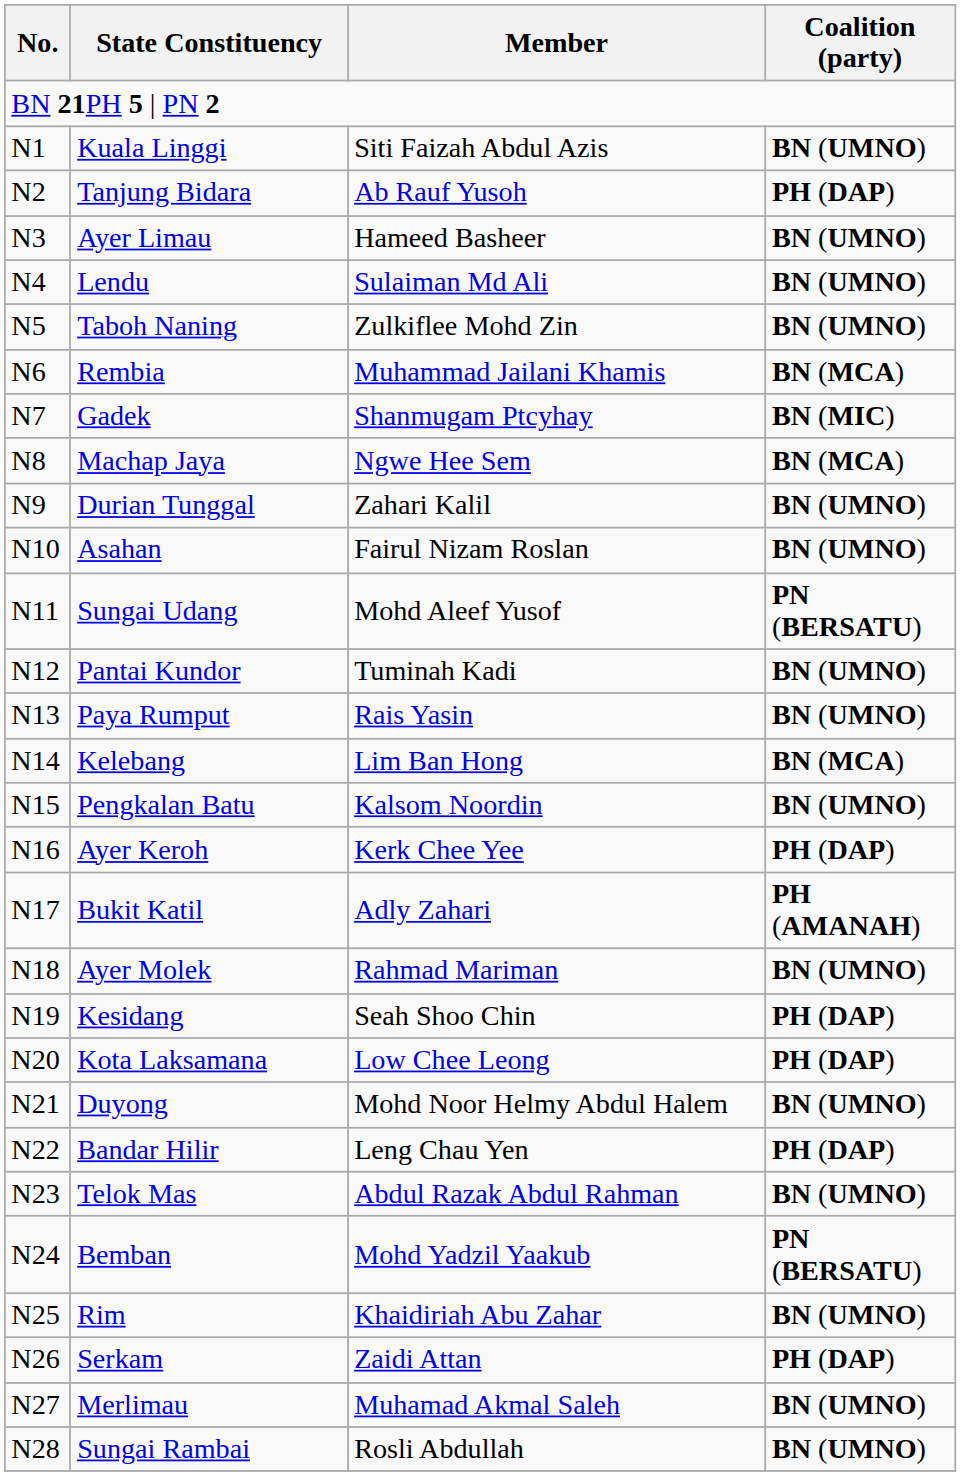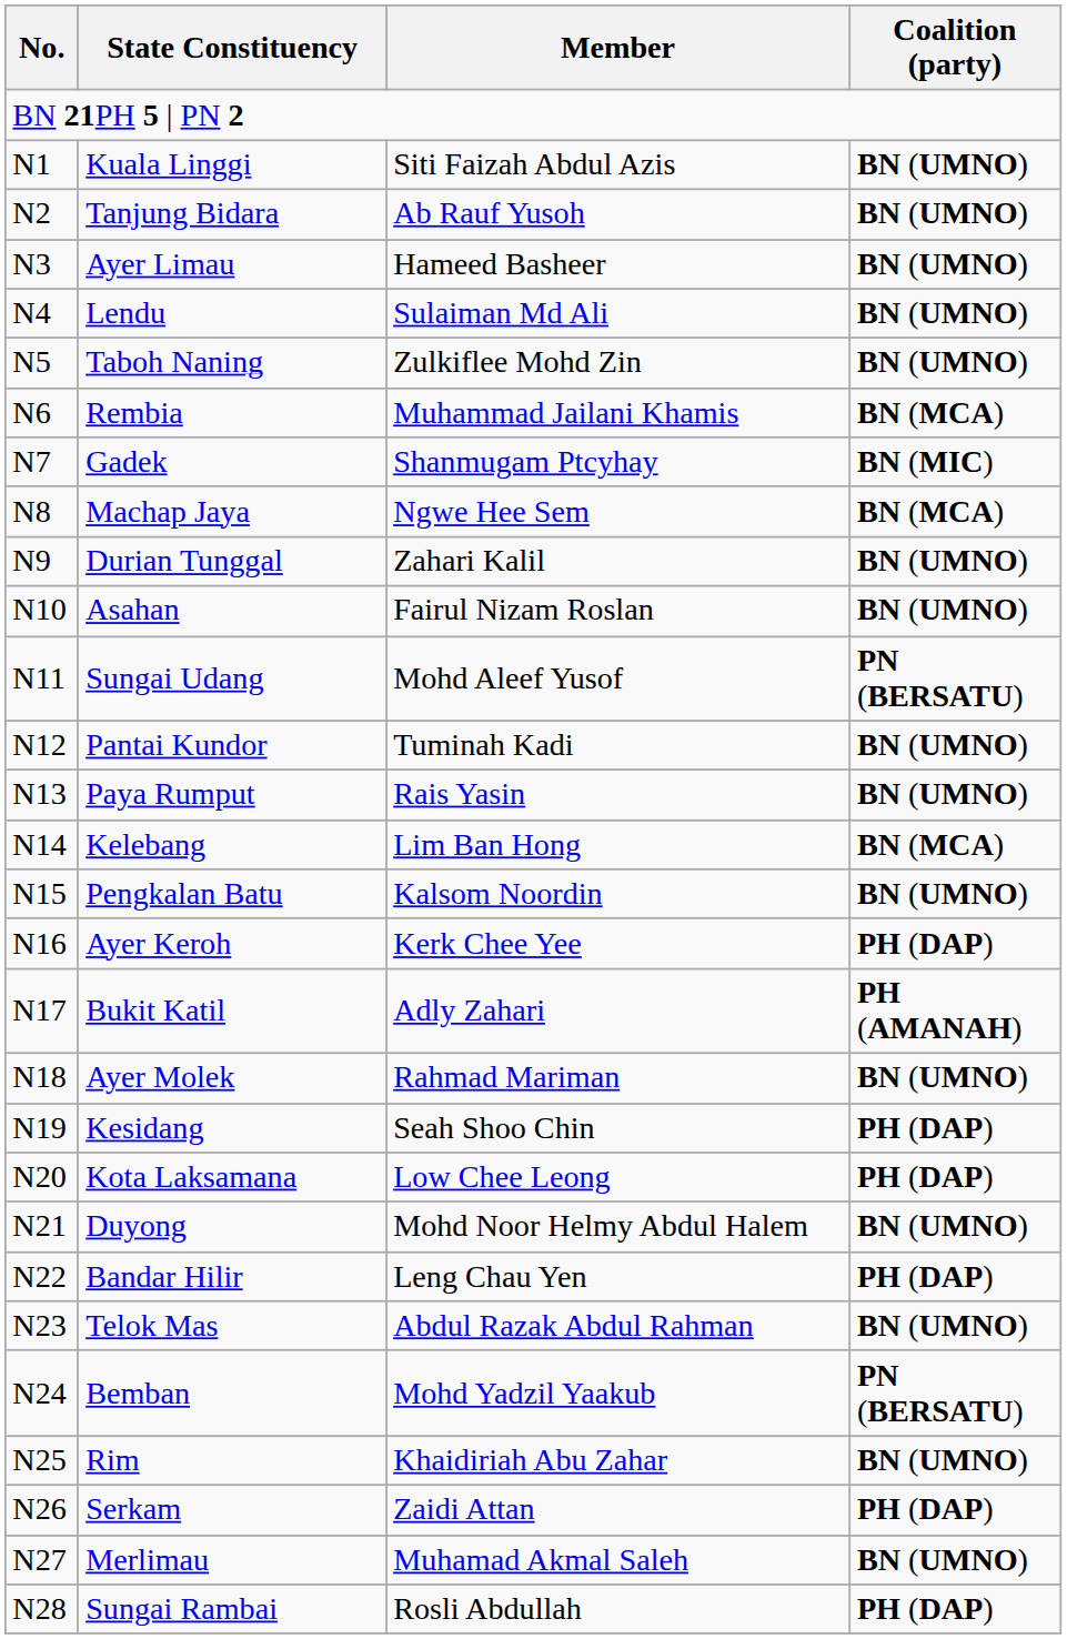 <table class="wikitable sortable">
 <tr>
 <th style="width:30px;">No.</th>
 <th style="width:150px;">State Constituency</th>
 <th style="width:230px;">Member</th>
 <th style="width:100px;">Coalition (party)</th>
 </tr>
 <tr>
 <td colspan="8"><a href='#'>BN</a> <strong>21</strong><a href='#'>PH</a> <strong>5</strong> | <a href='#'>PN</a> <strong>2</strong></td>
 </tr>
 <tr>
 <td>N1</td>
 <td><a href='#'>Kuala Linggi</a></td>
 <td>Siti Faizah Abdul Azis</td>
 <td style="background:"><strong>BN</strong> (<strong>UMNO</strong>)</td>
 </tr>
 <tr>
 <td>N2</td>
 <td><a href='#'>Tanjung Bidara</a></td>
 <td><a href='#'>Ab Rauf Yusoh</a></td>
-<td style="background:"><strong>PH</strong> (<strong>DAP</strong>)</td>
+<td style="background:"><strong>BN</strong> (<strong>UMNO</strong>)</td>
 </tr>
 <tr>
 <td>N3</td>
 <td><a href='#'>Ayer Limau</a></td>
 <td>Hameed Basheer</td>
 <td style="background:"><strong>BN</strong> (<strong>UMNO</strong>)</td>
 </tr>
 <tr>
 <td>N4</td>
 <td><a href='#'>Lendu</a></td>
 <td><a href='#'>Sulaiman Md Ali</a></td>
 <td style="background:"><strong>BN</strong> (<strong>UMNO</strong>)</td>
 </tr>
 <tr>
 <td>N5</td>
 <td><a href='#'>Taboh Naning</a></td>
 <td>Zulkiflee Mohd Zin</td>
 <td style="background:"><strong>BN</strong> (<strong>UMNO</strong>)</td>
 </tr>
 <tr>
 <td>N6</td>
 <td><a href='#'>Rembia</a></td>
 <td><a href='#'>Muhammad Jailani Khamis</a></td>
 <td style="background:"><strong>BN</strong> (<strong>MCA</strong>)</td>
 </tr>
 <tr>
 <td>N7</td>
 <td><a href='#'>Gadek</a></td>
 <td><a href='#'>Shanmugam Ptcyhay</a></td>
 <td style="background:"><strong>BN</strong> (<strong>MIC</strong>)</td>
 </tr>
 <tr>
 <td>N8</td>
 <td><a href='#'>Machap Jaya</a></td>
 <td><a href='#'>Ngwe Hee Sem</a></td>
 <td style="background:"><strong>BN</strong> (<strong>MCA</strong>)</td>
 </tr>
 <tr>
 <td>N9</td>
 <td><a href='#'>Durian Tunggal</a></td>
 <td>Zahari Kalil</td>
 <td style="background:"><strong>BN</strong> (<strong>UMNO</strong>)</td>
 </tr>
 <tr>
 <td>N10</td>
 <td><a href='#'>Asahan</a></td>
 <td>Fairul Nizam Roslan</td>
 <td style="background:"><strong>BN</strong> (<strong>UMNO</strong>)</td>
 </tr>
 <tr>
 <td>N11</td>
 <td><a href='#'>Sungai Udang</a></td>
 <td>Mohd Aleef Yusof</td>
 <td style="background:"><strong>PN</strong> (<strong>BERSATU</strong>)</td>
 </tr>
 <tr>
 <td>N12</td>
 <td><a href='#'>Pantai Kundor</a></td>
 <td>Tuminah Kadi</td>
 <td style="background:"><strong>BN</strong> (<strong>UMNO</strong>)</td>
 </tr>
 <tr>
 <td>N13</td>
 <td><a href='#'>Paya Rumput</a></td>
 <td><a href='#'>Rais Yasin</a></td>
 <td style="background:"><strong>BN</strong> (<strong>UMNO</strong>)</td>
 </tr>
 <tr>
 <td>N14</td>
 <td><a href='#'>Kelebang</a></td>
 <td><a href='#'>Lim Ban Hong</a></td>
 <td style="background:"><strong>BN</strong> (<strong>MCA</strong>)</td>
 </tr>
 <tr>
 <td>N15</td>
 <td><a href='#'>Pengkalan Batu</a></td>
 <td><a href='#'>Kalsom Noordin</a></td>
 <td style="background:"><strong>BN</strong> (<strong>UMNO</strong>)</td>
 </tr>
 <tr>
 <td>N16</td>
 <td><a href='#'>Ayer Keroh</a></td>
 <td><a href='#'>Kerk Chee Yee</a></td>
 <td style="background:"><strong>PH</strong> (<strong>DAP</strong>)</td>
 </tr>
 <tr>
 <td>N17</td>
 <td><a href='#'>Bukit Katil</a></td>
 <td><a href='#'>Adly Zahari</a></td>
 <td style="background:"><strong>PH</strong> (<strong>AMANAH</strong>)</td>
 </tr>
 <tr>
 <td>N18</td>
 <td><a href='#'>Ayer Molek</a></td>
 <td><a href='#'>Rahmad Mariman</a></td>
 <td style="background:"><strong>BN</strong> (<strong>UMNO</strong>)</td>
 </tr>
 <tr>
 <td>N19</td>
 <td><a href='#'>Kesidang</a></td>
 <td>Seah Shoo Chin</td>
 <td style="background:"><strong>PH</strong> (<strong>DAP</strong>)</td>
 </tr>
 <tr>
 <td>N20</td>
 <td><a href='#'>Kota Laksamana</a></td>
 <td><a href='#'>Low Chee Leong</a></td>
 <td style="background:"><strong>PH</strong> (<strong>DAP</strong>)</td>
 </tr>
 <tr>
 <td>N21</td>
 <td><a href='#'>Duyong</a></td>
 <td>Mohd Noor Helmy Abdul Halem</td>
 <td style="background:"><strong>BN</strong> (<strong>UMNO</strong>)</td>
 </tr>
 <tr>
 <td>N22</td>
 <td><a href='#'>Bandar Hilir</a></td>
 <td>Leng Chau Yen</td>
 <td style="background:"><strong>PH</strong> (<strong>DAP</strong>)</td>
 </tr>
 <tr>
 <td>N23</td>
 <td><a href='#'>Telok Mas</a></td>
 <td><a href='#'>Abdul Razak Abdul Rahman</a></td>
 <td style="background:"><strong>BN</strong> (<strong>UMNO</strong>)</td>
 </tr>
 <tr>
 <td>N24</td>
 <td><a href='#'>Bemban</a></td>
 <td><a href='#'>Mohd Yadzil Yaakub</a></td>
 <td style="background:"><strong>PN</strong> (<strong>BERSATU</strong>)</td>
 </tr>
 <tr>
 <td>N25</td>
 <td><a href='#'>Rim</a></td>
 <td><a href='#'>Khaidiriah Abu Zahar</a></td>
 <td style="background:"><strong>BN</strong> (<strong>UMNO</strong>)</td>
 </tr>
 <tr>
 <td>N26</td>
 <td><a href='#'>Serkam</a></td>
 <td><a href='#'>Zaidi Attan</a></td>
 <td style="background:"><strong>PH</strong> (<strong>DAP</strong>)</td>
 </tr>
 <tr>
 <td>N27</td>
 <td><a href='#'>Merlimau</a></td>
 <td><a href='#'>Muhamad Akmal Saleh</a></td>
 <td style="background:"><strong>BN</strong> (<strong>UMNO</strong>)</td>
 </tr>
 <tr>
 <td>N28</td>
 <td><a href='#'>Sungai Rambai</a></td>
 <td>Rosli Abdullah</td>
-<td style="background:"><strong>BN</strong> (<strong>UMNO</strong>)</td>
+<td style="background:"><strong>PH</strong> (<strong>DAP</strong>)</td>
 </tr>
 </table>
